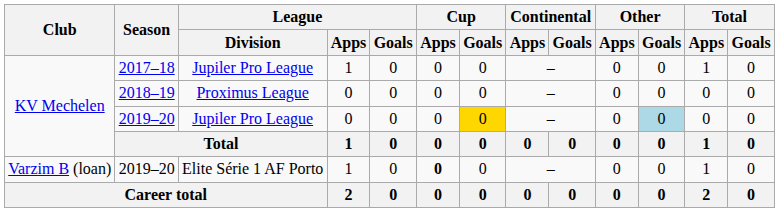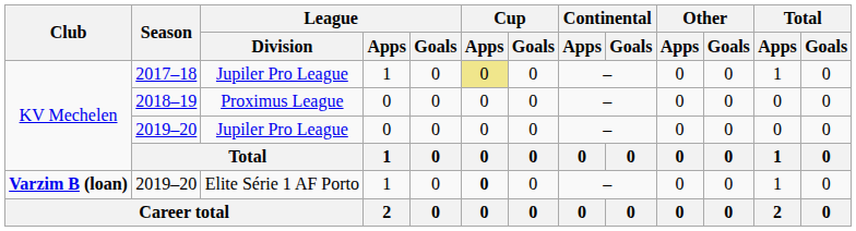 <table class="wikitable" style="text-align: center">
 <tr>
 <th rowspan="2">Club</th>
 <th rowspan="2">Season</th>
 <th colspan="3">League</th>
 <th colspan="2">Cup</th>
 <th colspan="2">Continental</th>
 <th colspan="2">Other</th>
 <th colspan="2">Total</th>
 </tr>
 <tr>
 <th>Division</th>
 <th>Apps</th>
 <th>Goals</th>
 <th>Apps</th>
 <th>Goals</th>
 <th>Apps</th>
 <th>Goals</th>
 <th>Apps</th>
 <th>Goals</th>
 <th>Apps</th>
 <th>Goals</th>
 </tr>
 <tr>
 <td rowspan="4"><a href='#'>KV Mechelen</a></td>
 <td><a href='#'>2017–18</a></td>
 <td><a href='#'>Jupiler Pro League</a></td>
 <td>1</td>
 <td>0</td>
-<td>0</td>
+<td style="background: khaki;">0</td>
 <td>0</td>
 <td colspan="2">–</td>
 <td>0</td>
 <td>0</td>
 <td>1</td>
 <td>0</td>
 </tr>
 <tr>
 <td><a href='#'>2018–19</a></td>
 <td><a href='#'>Proximus League</a></td>
 <td>0</td>
 <td>0</td>
 <td>0</td>
 <td>0</td>
 <td colspan="2">–</td>
 <td>0</td>
 <td>0</td>
 <td>0</td>
 <td>0</td>
 </tr>
 <tr>
 <td><a href='#'>2019–20</a></td>
 <td><a href='#'>Jupiler Pro League</a></td>
 <td>0</td>
 <td>0</td>
 <td>0</td>
-<td style="background: gold;">0</td>
+<td>0</td>
 <td colspan="2">–</td>
 <td>0</td>
-<td style="background: lightblue;">0</td>
+<td>0</td>
 <td>0</td>
 <td>0</td>
 </tr>
 <tr>
 <th colspan="2"><strong>Total</strong></th>
 <th>1</th>
 <th>0</th>
 <th>0</th>
 <th>0</th>
 <th>0</th>
 <th>0</th>
 <th>0</th>
 <th>0</th>
 <th>1</th>
 <th>0</th>
 </tr>
 <tr>
-<td><a href='#'>Varzim B</a> (loan)</td>
+<td><strong><a href='#'>Varzim B</a> (loan)</strong></td>
 <td>2019–20</td>
 <td>Elite Série 1 AF Porto</td>
 <td>1</td>
 <td>0</td>
 <td><strong>0</strong></td>
 <td>0</td>
 <td colspan="2">–</td>
 <td>0</td>
 <td>0</td>
 <td>1</td>
 <td>0</td>
 </tr>
 <tr>
 <th colspan="3"><strong>Career total</strong></th>
 <th>2</th>
 <th>0</th>
 <th>0</th>
 <th>0</th>
 <th>0</th>
 <th>0</th>
 <th>0</th>
 <th>0</th>
 <th>2</th>
 <th>0</th>
 </tr>
 </table>
